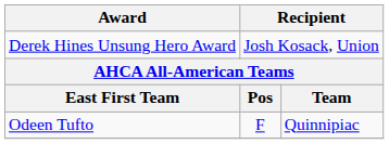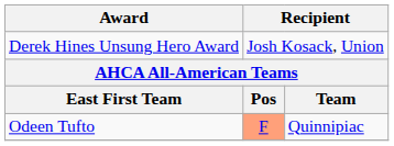 <table class="wikitable">
 <tr>
 <th>Award</th>
 <th colspan=2>Recipient</th>
 </tr>
 <tr>
 <td><a href='#'>Derek Hines Unsung Hero Award</a></td>
 <td colspan=2><a href='#'>Josh Kosack</a>, <a href='#'>Union</a></td>
 </tr>
 <tr>
 <th colspan=3><a href='#'>AHCA All-American Teams</a></th>
 </tr>
 <tr>
 <th>East First Team</th>
 <th>Pos</th>
 <th>Team</th>
 </tr>
 <tr>
 <td><a href='#'>Odeen Tufto</a></td>
-<td align=center><a href='#'>F</a></td>
+<td align=center style="background: lightsalmon;"><a href='#'>F</a></td>
 <td><a href='#'>Quinnipiac</a></td>
 </tr>
 <tr>
 </tr>
 </table>
